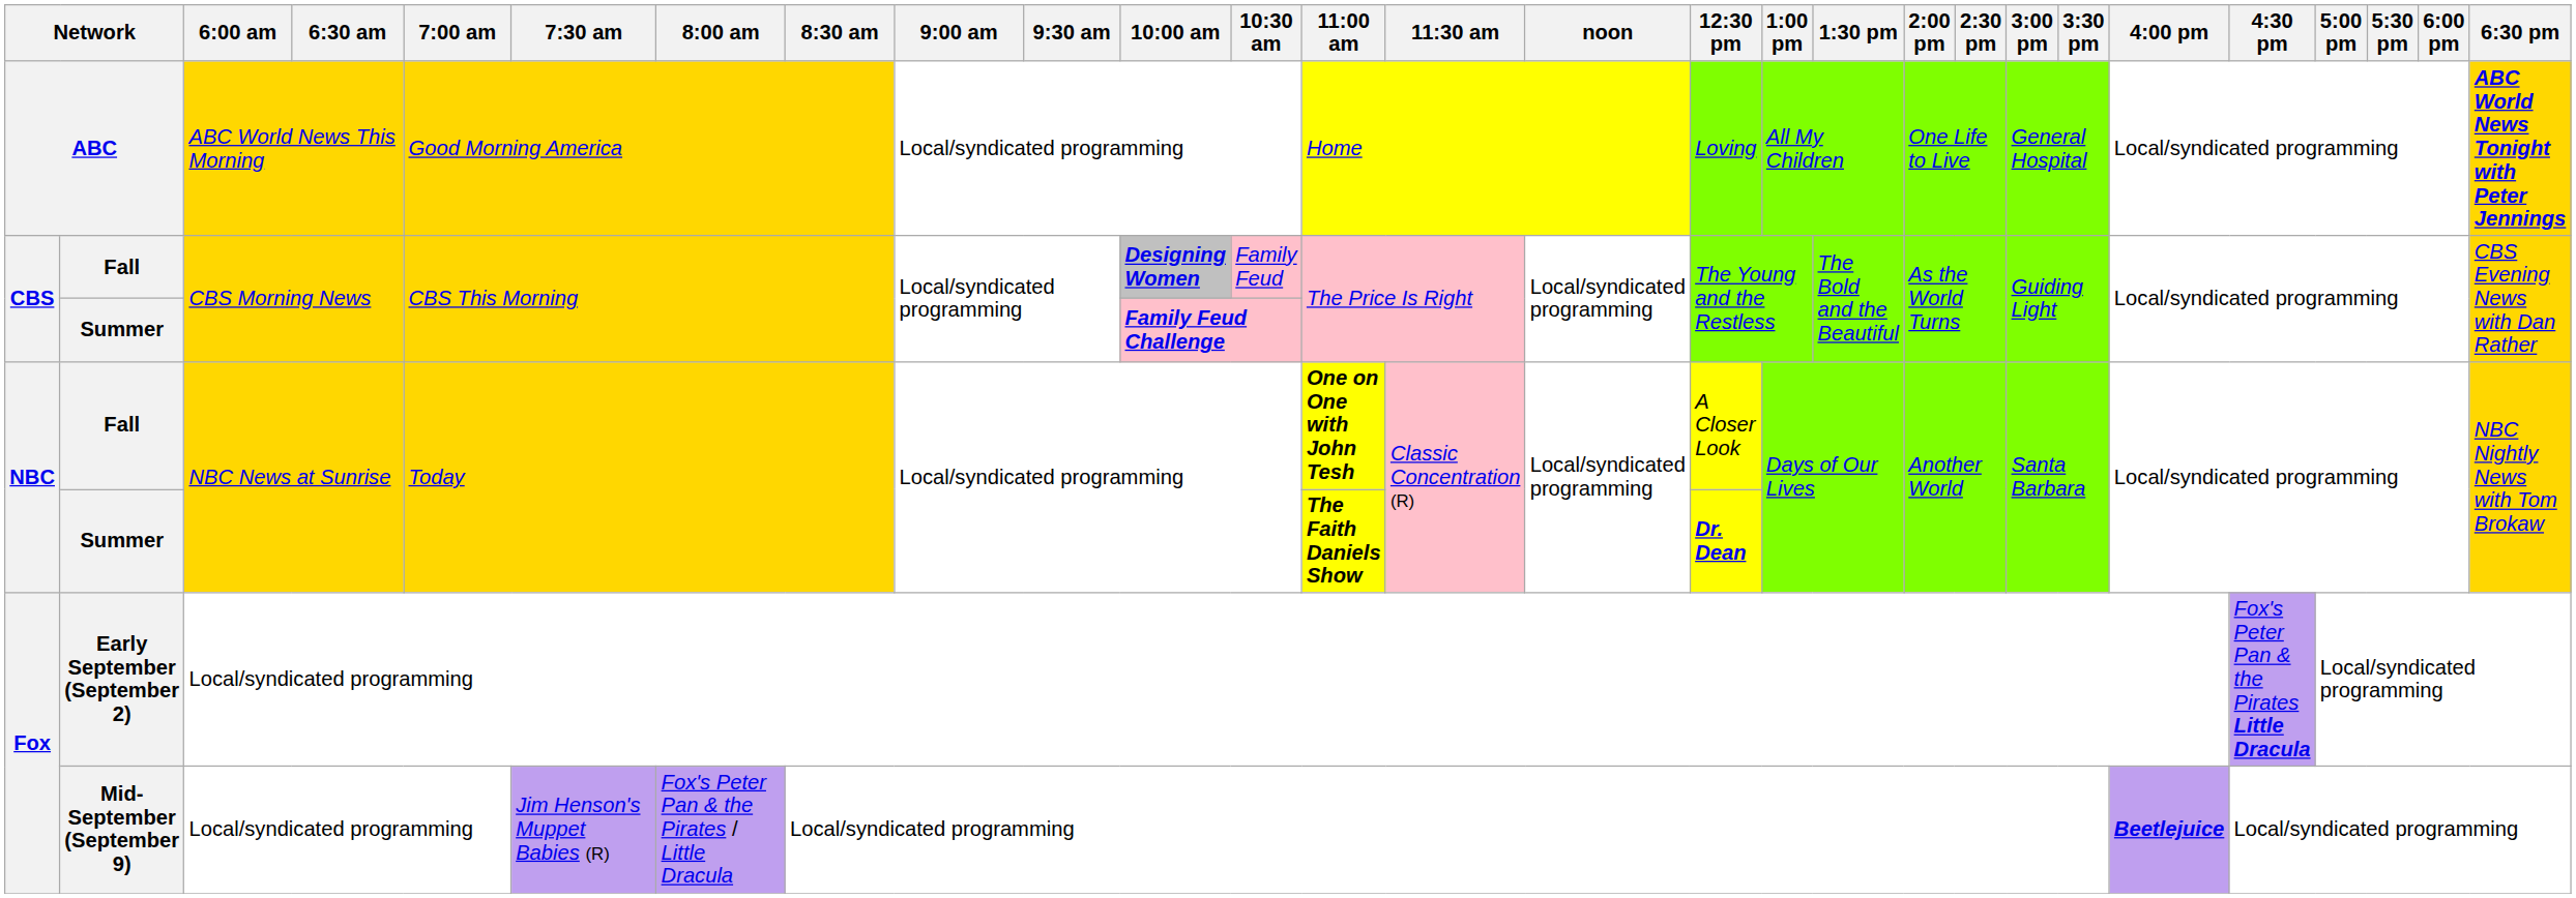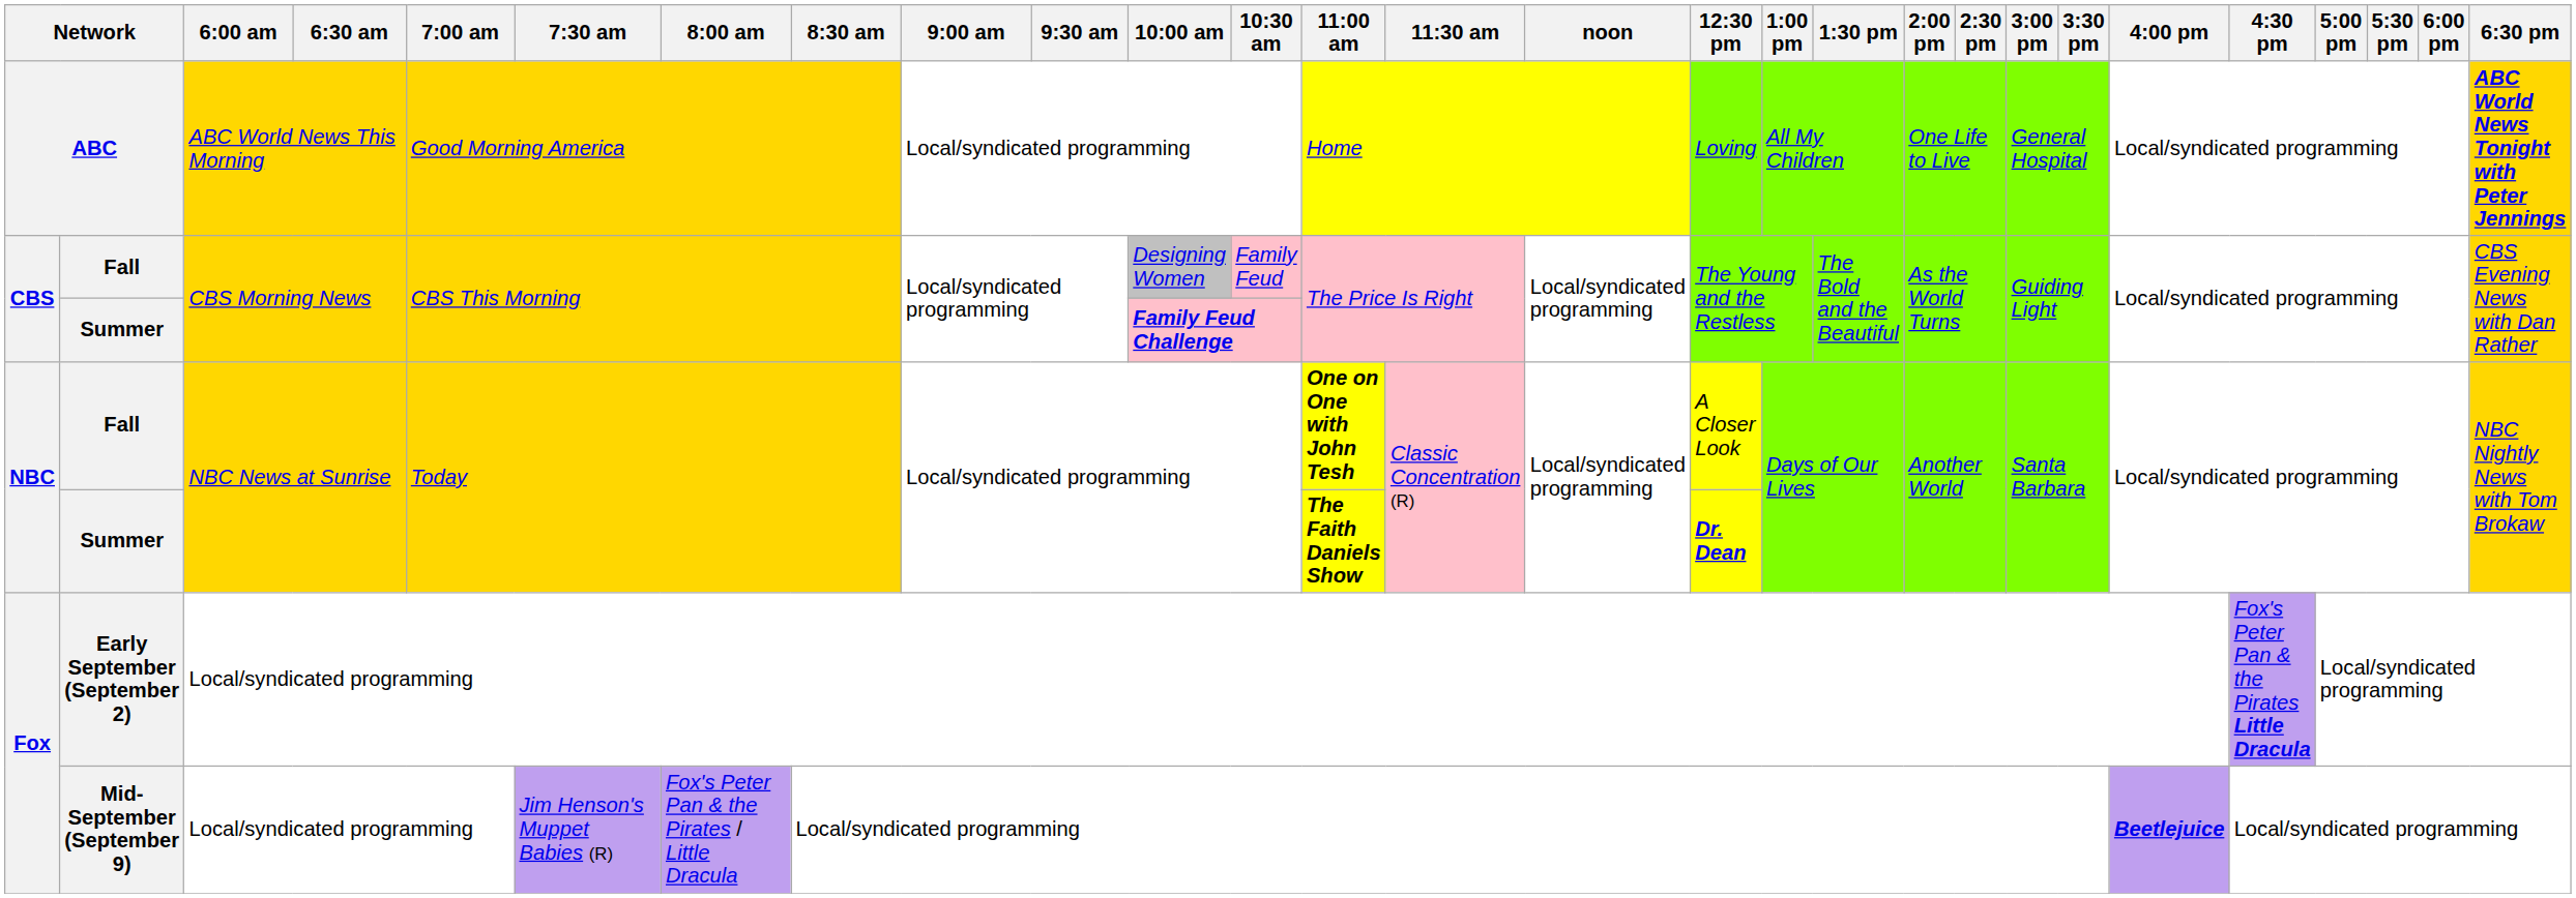 <table class=wikitable>
 <tr>
 <th bgcolor="#C0C0C0" colspan="2">Network</th>
 <th width="13%" bgcolor="#C0C0C0">6:00 am</th>
 <th width="14%" bgcolor="#C0C0C0">6:30 am</th>
 <th width="13%" bgcolor="#C0C0C0">7:00 am</th>
 <th width="14%" bgcolor="#C0C0C0">7:30 am</th>
 <th width="13%" bgcolor="#C0C0C0">8:00 am</th>
 <th width="14%" bgcolor="#C0C0C0">8:30 am</th>
 <th width="13%" bgcolor="#C0C0C0">9:00 am</th>
 <th width="14%" bgcolor="#C0C0C0">9:30 am</th>
 <th width="13%" bgcolor="#C0C0C0">10:00 am</th>
 <th width="14%" bgcolor="#C0C0C0">10:30 am</th>
 <th width="13%" bgcolor="#C0C0C0">11:00 am</th>
 <th width="14%" bgcolor="#C0C0C0">11:30 am</th>
 <th width="13%" bgcolor="#C0C0C0">noon</th>
 <th width="14%" bgcolor="#C0C0C0">12:30 pm</th>
 <th width="13%" bgcolor="#C0C0C0">1:00 pm</th>
 <th width="14%" bgcolor="#C0C0C0">1:30 pm</th>
 <th width="13%" bgcolor="#C0C0C0">2:00 pm</th>
 <th width="14%" bgcolor="#C0C0C0">2:30 pm</th>
 <th width="13%" bgcolor="#C0C0C0">3:00 pm</th>
 <th width="14%" bgcolor="#C0C0C0">3:30 pm</th>
 <th width="13%" bgcolor="#C0C0C0">4:00 pm</th>
 <th width="14%" bgcolor="#C0C0C0">4:30 pm</th>
 <th width="14%" bgcolor="#C0C0C0">5:00 pm</th>
 <th width="14%" bgcolor="#C0C0C0">5:30 pm</th>
 <th width="13%" bgcolor="#C0C0C0">6:00 pm</th>
 <th width="13%" bgcolor="#C0C0C0">6:30 pm</th>
 </tr>
 <tr>
 <th bgcolor="#C0C0C0" colspan="2"><a href='#'>ABC</a></th>
 <td bgcolor="gold" colspan="2"><em><a href='#'>ABC World News This Morning</a></em></td>
 <td bgcolor="gold" colspan="4"><em><a href='#'>Good Morning America</a></em></td>
 <td bgcolor="white" colspan="4">Local/syndicated programming</td>
 <td bgcolor="yellow" colspan="3"><em><a href='#'>Home</a></em></td>
 <td bgcolor="chartreuse"><em><a href='#'>Loving</a></em></td>
 <td bgcolor="chartreuse" colspan="2"><em><a href='#'>All My Children</a></em></td>
 <td bgcolor="chartreuse" colspan="2"><em><a href='#'>One Life to Live</a></em></td>
 <td bgcolor="chartreuse" colspan="2"><em><a href='#'>General Hospital</a></em></td>
 <td bgcolor="white" colspan="5">Local/syndicated programming</td>
 <td bgcolor="gold" colspan="1"><strong><em><a href='#'>ABC World News Tonight with Peter Jennings</a></em></strong></td>
 </tr>
 <tr>
 <th bgcolor="#C0C0C0" rowspan="2"><a href='#'>CBS</a></th>
 <th>Fall</th>
 <td bgcolor="gold" rowspan="2"colspan="2"><em><a href='#'>CBS Morning News</a></em></td>
 <td bgcolor="gold" rowspan="2"colspan="4"><em><a href='#'>CBS This Morning</a></em></td>
 <td bgcolor="white" rowspan="2"colspan="2">Local/syndicated programming</td>
-<td bgcolor="C0C0C0"rowspan="1"><strong><em><a href='#'>Designing Women</a></em></strong></td>
+<td bgcolor="C0C0C0"rowspan="1"><em><a href='#'>Designing Women</a></em></td>
 <td bgcolor="pink" rowspan="1"><em><a href='#'>Family Feud</a></em></td>
 <td bgcolor="pink" rowspan="2"colspan="2"><em><a href='#'>The Price Is Right</a></em></td>
 <td bgcolor="white"rowspan="2">Local/syndicated programming</td>
 <td bgcolor="chartreuse" rowspan="2"colspan="2"><em><a href='#'>The Young and the Restless</a></em></td>
 <td bgcolor="chartreuse"rowspan="2"><em><a href='#'>The Bold and the Beautiful</a></em></td>
 <td bgcolor="chartreuse" rowspan="2"colspan="2"><em><a href='#'>As the World Turns</a></em></td>
 <td bgcolor="chartreuse" rowspan="2"colspan="2"><em><a href='#'>Guiding Light</a></em></td>
 <td bgcolor="white" rowspan="2"colspan="5">Local/syndicated programming</td>
 <td bgcolor="gold"rowspan="2"><em><a href='#'>CBS Evening News with Dan Rather</a></em></td>
 </tr>
 <tr>
 <th>Summer</th>
 <td bgcolor="pink" rowspan="1"colspan="2"><strong><em><a href='#'>Family Feud Challenge</a></em></strong></td>
 </tr>
 <tr>
 <th bgcolor="#C0C0C0" rowspan="2"><a href='#'>NBC</a></th>
 <th>Fall</th>
 <td bgcolor="gold" rowspan="2"colspan="2"><em><a href='#'>NBC News at Sunrise</a></em></td>
 <td bgcolor="gold" colspan="4"rowspan="2"><em><a href='#'>Today</a></em></td>
 <td bgcolor="white" colspan="4"rowspan="2">Local/syndicated programming</td>
 <td bgcolor="yellow"rowspan="1"><strong><em>One on One with John Tesh</em></strong></td>
 <td bgcolor="pink"rowspan="2"><em><a href='#'>Classic Concentration</a></em> <small>(R)</small></td>
 <td bgcolor="white"rowspan="2">Local/syndicated programming</td>
 <td bgcolor="yellow"rowspan="1"><em>A Closer Look</em></td>
 <td bgcolor="chartreuse" colspan="2"rowspan="2"><em><a href='#'>Days of Our Lives</a></em></td>
 <td bgcolor="chartreuse" colspan="2"rowspan="2"><em><a href='#'>Another World</a></em></td>
 <td bgcolor="chartreuse" colspan="2"rowspan="2"><em><a href='#'>Santa Barbara</a></em></td>
 <td bgcolor="white" colspan="5"rowspan="2">Local/syndicated programming</td>
 <td bgcolor="gold" rowspan="2"><em><a href='#'>NBC Nightly News with Tom Brokaw</a></em></td>
 </tr>
 <tr>
 <th>Summer</th>
 <td bgcolor="yellow"rowspan="1"><strong><em>The Faith Daniels Show</em></strong></td>
 <td bgcolor="yellow"rowspan="1"><strong><em><a href='#'>Dr. Dean</a></em></strong></td>
 </tr>
 <tr>
 <th rowspan="2"><a href='#'>Fox</a></th>
 <th>Early September (September 2)</th>
 <td colspan="21" rowspan="1" bgcolor=white>Local/syndicated programming</td>
 <td bgcolor="bf9fef"><em><a href='#'>Fox's Peter Pan & the Pirates</a></em> <br><strong><em><a href='#'>Little Dracula</a></em></strong>  </td>
 <td colspan="4" bgcolor=white>Local/syndicated programming</td>
 </tr>
 <tr>
 <th>Mid-September (September 9)</th>
 <td colspan="3" bgcolor=white>Local/syndicated programming</td>
 <td bgcolor="bf9fef"><em><a href='#'>Jim Henson's Muppet Babies</a></em> <small>(R)</small></td>
 <td bgcolor="bf9fef"><em><a href='#'>Fox's Peter Pan & the Pirates</a></em> / <em><a href='#'>Little Dracula</a></em> </td>
 <td colspan="15" rowspan="1" bgcolor=white>Local/syndicated programming</td>
 <td bgcolor="bf9fef"><strong><em><a href='#'>Beetlejuice</a></em></strong></td>
 <td colspan="5" bgcolor="white">Local/syndicated programming</td>
 </tr>
 </table>
